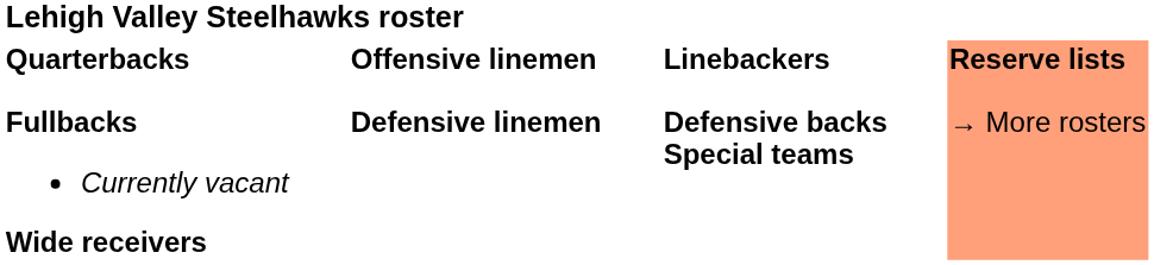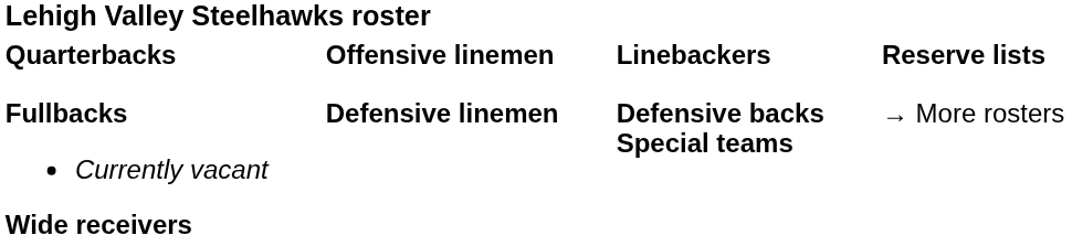 <table class="toccolours" style="text-align: left;">
 <tr>
 <th colspan=9>Lehigh Valley Steelhawks roster</th>
 </tr>
 <tr>
 <td style="font-size: 95%;vertical-align:top;"><strong>Quarterbacks</strong><br><br><strong>Fullbacks</strong><ul><li><em>Currently vacant</em></li></ul><strong>Wide receivers</strong>     </td>
 <td style="width: 25px;"></td>
 <td style="font-size: 95%;vertical-align:top;"><strong>Offensive linemen</strong><br>    <br><strong>Defensive linemen</strong>   </td>
 <td style="width: 25px;"></td>
 <td style="font-size: 95%;vertical-align:top;"><strong>Linebackers</strong><br> <br><strong>Defensive backs</strong>     <br><strong>Special teams</strong> </td>
 <td style="width: 25px;"></td>
-<td style="background: lightsalmon; font-size: 95%;vertical-align:top;"><strong>Reserve lists</strong><br>            <br> → More rosters</td>
+<td style="font-size: 95%;vertical-align:top;"><strong>Reserve lists</strong><br>            <br> → More rosters</td>
 </tr>
 <tr>
 </tr>
 </table>
